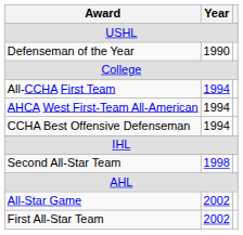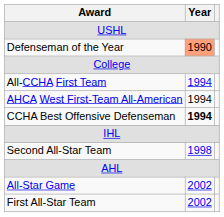 <table class="wikitable">
 <tr>
 <th>Award</th>
 <th>Year</th>
 <th></th>
 </tr>
 <tr ALIGN="center" bgcolor="#e0e0e0">
 <td colspan="3"><a href='#'>USHL</a></td>
 </tr>
 <tr>
 <td>Defenseman of the Year</td>
-<td>1990</td>
+<td style="background: lightsalmon;">1990</td>
 <td></td>
 </tr>
 <tr ALIGN="center" bgcolor="#e0e0e0">
 <td colspan="3"><a href='#'>College</a></td>
 </tr>
 <tr>
 <td>All-<a href='#'>CCHA</a> <a href='#'>First Team</a></td>
 <td><a href='#'>1994</a></td>
 <td></td>
 </tr>
 <tr>
 <td><a href='#'>AHCA</a> <a href='#'>West First-Team All-American</a></td>
 <td>1994</td>
 <td></td>
 </tr>
 <tr>
 <td>CCHA Best Offensive Defenseman</td>
-<td>1994</td>
+<td><strong>1994</strong></td>
 <td></td>
 </tr>
 <tr ALIGN="center" bgcolor="#e0e0e0">
 <td colspan="3"><a href='#'>IHL</a></td>
 </tr>
 <tr>
 <td>Second All-Star Team</td>
 <td><a href='#'>1998</a></td>
 <td></td>
 </tr>
 <tr ALIGN="center" bgcolor="#e0e0e0">
 <td colspan="3"><a href='#'>AHL</a></td>
 </tr>
 <tr>
 <td><a href='#'>All-Star Game</a></td>
 <td><a href='#'>2002</a></td>
 <td></td>
 </tr>
 <tr>
 <td>First All-Star Team</td>
 <td><a href='#'>2002</a></td>
 <td></td>
 </tr>
 </table>
